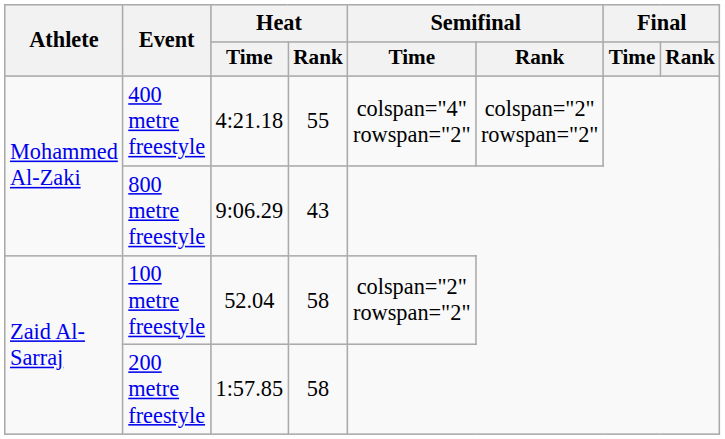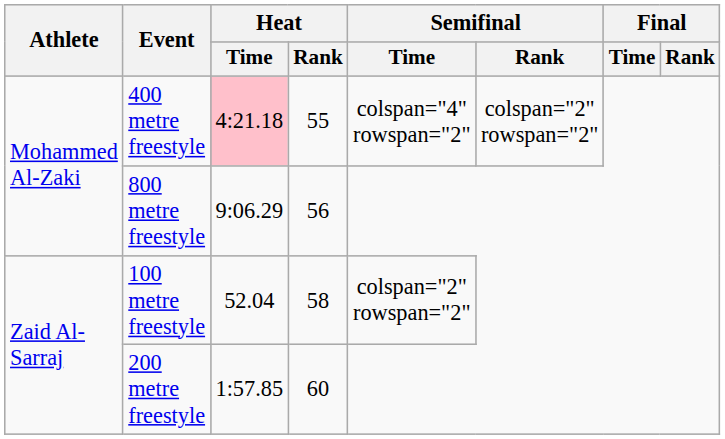 <table class="wikitable" style="text-align:center; font-size:90%; width:50%;">
 <tr>
 <th rowspan="2">Athlete</th>
 <th rowspan="2">Event</th>
 <th colspan="2">Heat</th>
 <th colspan="2">Semifinal</th>
 <th colspan="2">Final</th>
 </tr>
 <tr style="font-size:95%">
 <th>Time</th>
 <th>Rank</th>
 <th>Time</th>
 <th>Rank</th>
 <th>Time</th>
 <th>Rank</th>
 </tr>
 <tr align=center>
 <td align=left rowspan="2"><a href='#'>Mohammed Al-Zaki</a></td>
 <td align=left><a href='#'>400 metre freestyle</a></td>
-<td>4:21.18</td>
+<td style="background: pink;">4:21.18</td>
 <td>55</td>
 <td>colspan="4" rowspan="2"</td>
 <td>colspan="2" rowspan="2"</td>
 </tr>
 <tr align=center>
 <td align=left><a href='#'>800 metre freestyle</a></td>
 <td>9:06.29</td>
-<td>43</td>
+<td>56</td>
 </tr>
 <tr align=center>
 <td align=left rowspan="2"><a href='#'>Zaid Al-Sarraj</a></td>
 <td align=left><a href='#'>100 metre freestyle</a></td>
 <td>52.04</td>
 <td>58</td>
 <td>colspan="2" rowspan="2"</td>
 </tr>
 <tr align=center>
 <td align=left><a href='#'>200 metre freestyle</a></td>
 <td>1:57.85</td>
-<td>58</td>
+<td>60</td>
 </tr>
 </table>
